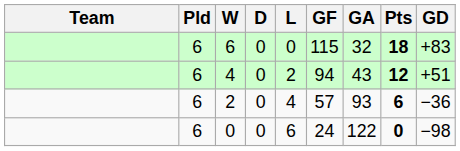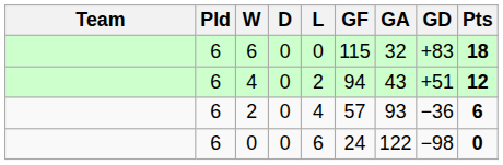 <table class="wikitable" style="text-align:center;">
 <tr>
 <th width=150>Team</th>
 <th width=20>Pld</th>
 <th width=20>W</th>
 <th width=20>D</th>
 <th width=20>L</th>
 <th width=20>GF</th>
 <th width=20>GA</th>
+<th width=20>GD</th>
 <th width=20>Pts</th>
-<th width=20>GD</th>
 </tr>
 <tr bgcolor=ccffcc>
 <td align="left"></td>
 <td>6</td>
 <td>6</td>
 <td>0</td>
 <td>0</td>
 <td>115</td>
 <td>32</td>
+<td>+83</td>
 <td><strong>18</strong></td>
-<td>+83</td>
 </tr>
 <tr bgcolor=ccffcc>
 <td align="left"></td>
 <td>6</td>
 <td>4</td>
 <td>0</td>
 <td>2</td>
 <td>94</td>
 <td>43</td>
+<td>+51</td>
 <td><strong>12</strong></td>
-<td>+51</td>
 </tr>
 <tr>
 <td align="left"></td>
 <td>6</td>
 <td>2</td>
 <td>0</td>
 <td>4</td>
 <td>57</td>
 <td>93</td>
+<td>−36</td>
 <td><strong>6</strong></td>
-<td>−36</td>
 </tr>
 <tr>
 <td align="left"></td>
 <td>6</td>
 <td>0</td>
 <td>0</td>
 <td>6</td>
 <td>24</td>
 <td>122</td>
+<td>−98</td>
 <td><strong>0</strong></td>
-<td>−98</td>
 </tr>
 </table>
